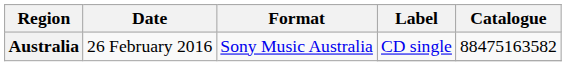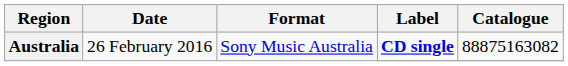 <table class="wikitable plainrowheaders">
 <tr>
 <th scope="col">Region</th>
 <th scope="col">Date</th>
 <th scope="col">Format</th>
 <th scope="col">Label</th>
 <th scope="col">Catalogue</th>
 </tr>
 <tr>
 <th scope="row" rowspan="2">Australia</th>
 <td rowspan="2">26 February 2016</td>
 <td rowspan="2"><a href='#'>Sony Music Australia</a></td>
-<td><a href='#'>CD single</a></td>
-<td>88475163582</td>
+<td><strong><a href='#'>CD single</a></strong></td>
+<td>88875163082</td>
 </tr>
 <tr>
 </tr>
 </table>
